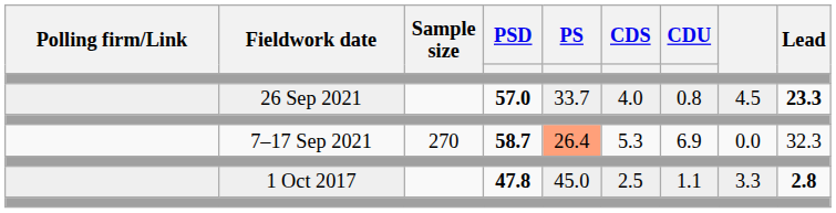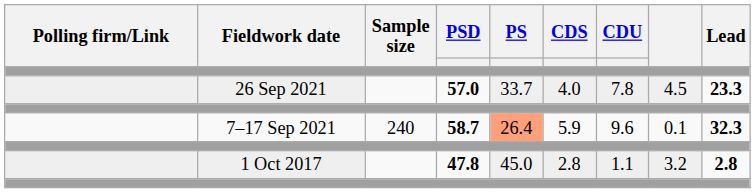 <table class="wikitable sortable mw-datatable" style="text-align:center;font-size:90%;line-height:16px;">
 <tr style="height:42px;">
 <th style="width:145px;" rowspan="2">Polling firm/Link</th>
 <th style="width:125px;" rowspan="2">Fieldwork date</th>
 <th class="unsortable" style="width:50px;" rowspan="2">Sample size</th>
 <th class="unsortable" style="width:35px;"><a href='#'>PSD</a></th>
 <th class="unsortable" style="width:35px;"><a href='#'>PS</a></th>
 <th class="unsortable" style="width:35px;"><a href='#'>CDS</a></th>
 <th class="unsortable" style="width:35px;"><a href='#'>CDU</a></th>
 <th class="unsortable" style="width:35px;" rowspan="2"></th>
 <th class="unsortable" style="width:30px;" rowspan="2">Lead</th>
 </tr>
 <tr>
 <th class="unsortable" style="color:inherit;background:"></th>
 <th class="unsortable" style="color:inherit;background:"></th>
 <th class="unsortable" style="color:inherit;background:"></th>
 <th class="unsortable" style="color:inherit;background:"></th>
 </tr>
 <tr>
 <td colspan="12" style="background:#A0A0A0"></td>
 </tr>
 <tr>
 <td style="background:#EFEFEF;"><strong></strong></td>
 <td style="background:#EFEFEF;" data-sort-value="2019-10-06">26 Sep 2021</td>
 <td></td>
 <td><strong>57.0</strong><br></td>
 <td style="background:#EFEFEF;">33.7<br></td>
 <td style="background:#EFEFEF;">4.0<br></td>
-<td style="background:#EFEFEF;">0.8<br></td>
+<td style="background:#EFEFEF;">7.8<br></td>
 <td style="background:#EFEFEF;">4.5</td>
 <td style="background:"><strong>23.3</strong></td>
 </tr>
 <tr>
 <td colspan="12" style="background:#A0A0A0"></td>
 </tr>
 <tr>
 <td align="center"></td>
 <td align="center">7–17 Sep 2021</td>
-<td align="center">270</td>
+<td align="center">240</td>
 <td align="center" ><strong>58.7</strong></td>
 <td align="center" style="background: lightsalmon;">26.4</td>
-<td align="center">5.3</td>
-<td align="center">6.9</td>
-<td align="center">0.0</td>
-<td style="background:">32.3</td>
+<td align="center">5.9</td>
+<td align="center">9.6</td>
+<td align="center">0.1</td>
+<td style="background:"><strong>32.3</strong></td>
 </tr>
 <tr>
 <td colspan="12" style="background:#A0A0A0"></td>
 </tr>
 <tr>
 <td style="background:#EFEFEF;"><strong></strong></td>
 <td style="background:#EFEFEF;" data-sort-value="2019-10-06">1 Oct 2017</td>
 <td></td>
 <td><strong>47.8</strong><br></td>
 <td style="background:#EFEFEF;">45.0<br></td>
-<td style="background:#EFEFEF;">2.5<br></td>
+<td style="background:#EFEFEF;">2.8<br></td>
 <td style="background:#EFEFEF;">1.1<br></td>
-<td style="background:#EFEFEF;">3.3</td>
+<td style="background:#EFEFEF;">3.2</td>
 <td style="background:"><strong>2.8</strong></td>
 </tr>
 <tr>
 <td colspan="12" style="background:#A0A0A0"></td>
 </tr>
 </table>
